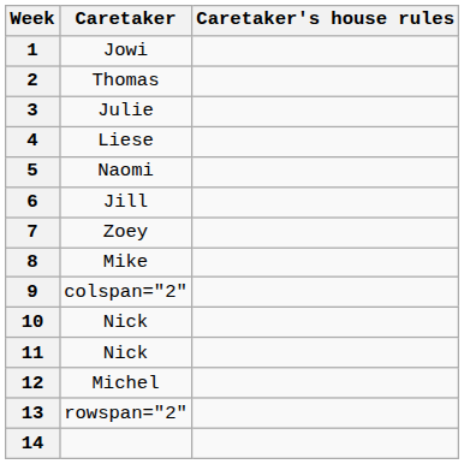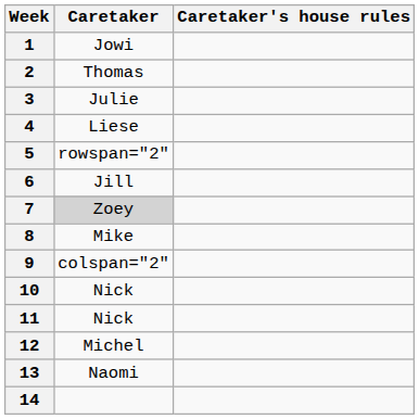 <table class="wikitable" style="text-align:center; font-size: 95%;">
 <tr>
 <th>Week</th>
 <th>Caretaker</th>
 <th>Caretaker's house rules</th>
 </tr>
 <tr>
 <th>1</th>
 <td>Jowi</td>
 <td></td>
 </tr>
 <tr>
 <th>2</th>
 <td>Thomas</td>
 <td><br></td>
 </tr>
 <tr>
 <th>3</th>
 <td>Julie</td>
 <td><br></td>
 </tr>
 <tr>
 <th>4</th>
 <td>Liese</td>
 <td><br></td>
 </tr>
 <tr>
 <th>5</th>
-<td>Naomi</td>
+<td>rowspan="2" </td>
 <td><br></td>
 </tr>
 <tr>
 <th>6</th>
 <td>Jill</td>
 <td><br></td>
 </tr>
 <tr>
 <th>7</th>
-<td>Zoey</td>
+<td style="background: lightgrey;">Zoey</td>
 <td><br></td>
 </tr>
 <tr>
 <th>8</th>
 <td>Mike</td>
 <td><br></td>
 </tr>
 <tr>
 <th>9</th>
 <td>colspan="2" </td>
 </tr>
 <tr>
 <th>10</th>
 <td>Nick</td>
 <td><br></td>
 </tr>
 <tr>
 <th>11</th>
 <td>Nick</td>
 <td><br></td>
 </tr>
 <tr>
 <th>12</th>
 <td>Michel</td>
 <td><br></td>
 </tr>
 <tr>
 <th>13</th>
-<td>rowspan="2" </td>
+<td>Naomi</td>
 <td><br></td>
 </tr>
 <tr>
 <th>14</th>
 <td><br></td>
 </tr>
 </table>
